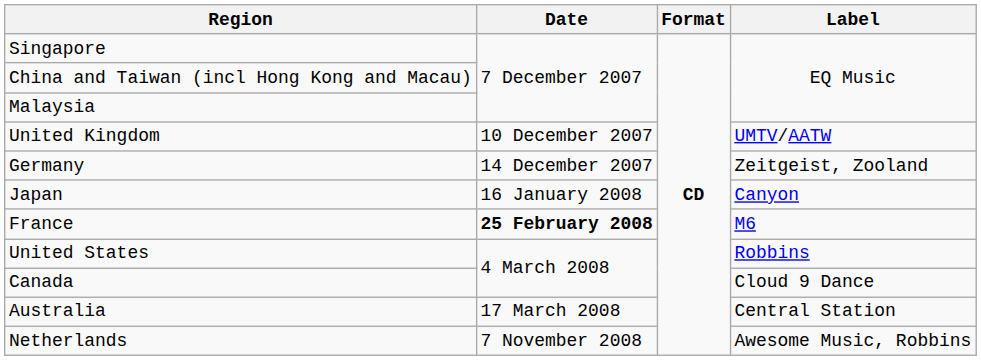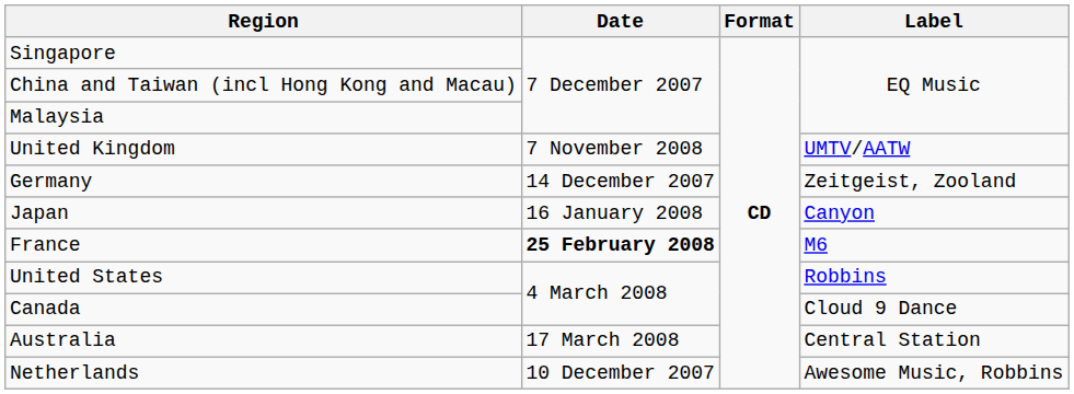 <table class="wikitable">
 <tr>
 <th>Region</th>
 <th>Date</th>
 <th>Format</th>
 <th>Label</th>
 </tr>
 <tr>
 <td>Singapore</td>
 <td rowspan="3">7 December 2007</td>
 <td style="text-align:center;" rowspan="11"><strong>CD</strong></td>
 <td style="text-align:center;" rowspan="3">EQ Music</td>
 </tr>
 <tr>
 <td>China and Taiwan (incl Hong Kong and Macau)</td>
 </tr>
 <tr>
 <td>Malaysia</td>
 </tr>
 <tr>
 <td>United Kingdom</td>
-<td>10 December 2007</td>
+<td>7 November 2008</td>
 <td><a href='#'>UMTV</a>/<a href='#'>AATW</a></td>
 </tr>
 <tr>
 <td>Germany</td>
 <td>14 December 2007</td>
 <td>Zeitgeist, Zooland</td>
 </tr>
 <tr>
 <td>Japan</td>
 <td>16 January 2008</td>
 <td><a href='#'>Canyon</a></td>
 </tr>
 <tr>
 <td>France</td>
 <td><strong>25 February 2008</strong></td>
 <td><a href='#'>M6</a></td>
 </tr>
 <tr>
 <td>United States</td>
 <td rowspan="2">4 March 2008</td>
 <td><a href='#'>Robbins</a></td>
 </tr>
 <tr>
 <td>Canada</td>
 <td>Cloud 9 Dance</td>
 </tr>
 <tr>
 <td>Australia</td>
 <td>17 March 2008</td>
 <td>Central Station</td>
 </tr>
 <tr>
 <td>Netherlands</td>
-<td>7 November 2008</td>
+<td>10 December 2007</td>
 <td>Awesome Music, Robbins</td>
 </tr>
 </table>
